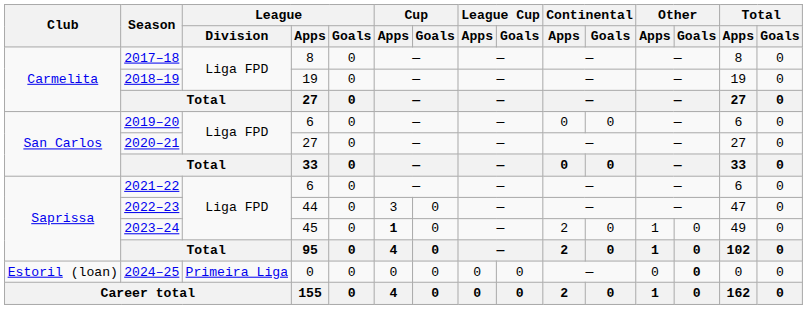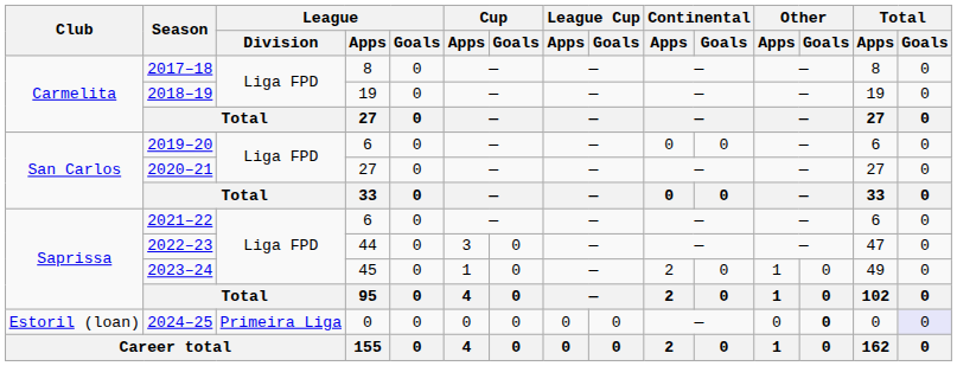 <table class="wikitable" style="text-align: center">
 <tr>
 <th rowspan="2">Club</th>
 <th rowspan="2">Season</th>
 <th colspan="3">League</th>
 <th colspan="2">Cup</th>
 <th colspan="2">League Cup</th>
 <th colspan="2">Continental</th>
 <th colspan="2">Other</th>
 <th colspan="2">Total</th>
 </tr>
 <tr>
 <th>Division</th>
 <th>Apps</th>
 <th>Goals</th>
 <th>Apps</th>
 <th>Goals</th>
 <th>Apps</th>
 <th>Goals</th>
 <th>Apps</th>
 <th>Goals</th>
 <th>Apps</th>
 <th>Goals</th>
 <th>Apps</th>
 <th>Goals</th>
 </tr>
 <tr>
 <td rowspan="3"><a href='#'>Carmelita</a></td>
 <td><a href='#'>2017–18</a></td>
 <td rowspan="2">Liga FPD</td>
 <td>8</td>
 <td>0</td>
 <td colspan="2">—</td>
 <td colspan="2">—</td>
 <td colspan="2">—</td>
 <td colspan="2">—</td>
 <td>8</td>
 <td>0</td>
 </tr>
 <tr>
 <td><a href='#'>2018–19</a></td>
 <td>19</td>
 <td>0</td>
 <td colspan="2">—</td>
 <td colspan="2">—</td>
 <td colspan="2">—</td>
 <td colspan="2">—</td>
 <td>19</td>
 <td>0</td>
 </tr>
 <tr>
 <th colspan="2">Total</th>
 <th>27</th>
 <th>0</th>
 <th colspan="2">—</th>
 <th colspan="2">—</th>
 <th colspan="2">—</th>
 <th colspan="2">—</th>
 <th>27</th>
 <th>0</th>
 </tr>
 <tr>
 <td rowspan="3"><a href='#'>San Carlos</a></td>
 <td><a href='#'>2019–20</a></td>
 <td rowspan="2">Liga FPD</td>
 <td>6</td>
 <td>0</td>
 <td colspan="2">—</td>
 <td colspan="2">—</td>
 <td>0</td>
 <td>0</td>
 <td colspan="2">—</td>
 <td>6</td>
 <td>0</td>
 </tr>
 <tr>
 <td><a href='#'>2020–21</a></td>
 <td>27</td>
 <td>0</td>
 <td colspan="2">—</td>
 <td colspan="2">—</td>
 <td colspan="2">—</td>
 <td colspan="2">—</td>
 <td>27</td>
 <td>0</td>
 </tr>
 <tr>
 <th colspan="2">Total</th>
 <th>33</th>
 <th>0</th>
 <th colspan="2">—</th>
 <th colspan="2">—</th>
 <th>0</th>
 <th>0</th>
 <th colspan="2">—</th>
 <th>33</th>
 <th>0</th>
 </tr>
 <tr>
 <td rowspan="4"><a href='#'>Saprissa</a></td>
 <td><a href='#'>2021–22</a></td>
 <td rowspan="3">Liga FPD</td>
 <td>6</td>
 <td>0</td>
 <td colspan="2">—</td>
 <td colspan="2">—</td>
 <td colspan="2">—</td>
 <td colspan="2">—</td>
 <td>6</td>
 <td>0</td>
 </tr>
 <tr>
 <td><a href='#'>2022–23</a></td>
 <td>44</td>
 <td>0</td>
 <td>3</td>
 <td>0</td>
 <td colspan="2">—</td>
 <td colspan="2">—</td>
 <td colspan="2">—</td>
 <td>47</td>
 <td>0</td>
 </tr>
 <tr>
 <td><a href='#'>2023–24</a></td>
 <td>45</td>
 <td>0</td>
-<td><strong>1</strong></td>
+<td>1</td>
 <td>0</td>
 <td colspan="2">—</td>
 <td>2</td>
 <td>0</td>
 <td>1</td>
 <td>0</td>
 <td>49</td>
 <td>0</td>
 </tr>
 <tr>
 <th colspan="2">Total</th>
 <th>95</th>
 <th>0</th>
 <th>4</th>
 <th>0</th>
 <th colspan="2">—</th>
 <th>2</th>
 <th>0</th>
 <th>1</th>
 <th>0</th>
 <th>102</th>
 <th>0</th>
 </tr>
 <tr>
 <td><a href='#'>Estoril</a> (loan)</td>
 <td><a href='#'>2024–25</a></td>
 <td><a href='#'>Primeira Liga</a></td>
 <td>0</td>
 <td>0</td>
 <td>0</td>
 <td>0</td>
 <td>0</td>
 <td>0</td>
 <td colspan="2">—</td>
 <td>0</td>
 <td><strong>0</strong></td>
 <td>0</td>
-<td>0</td>
+<td style="background: lavender;">0</td>
 </tr>
 <tr>
 <th colspan="3"><strong>Career total</strong></th>
 <th>155</th>
 <th>0</th>
 <th>4</th>
 <th>0</th>
 <th>0</th>
 <th>0</th>
 <th>2</th>
 <th>0</th>
 <th>1</th>
 <th>0</th>
 <th>162</th>
 <th>0</th>
 </tr>
 </table>
